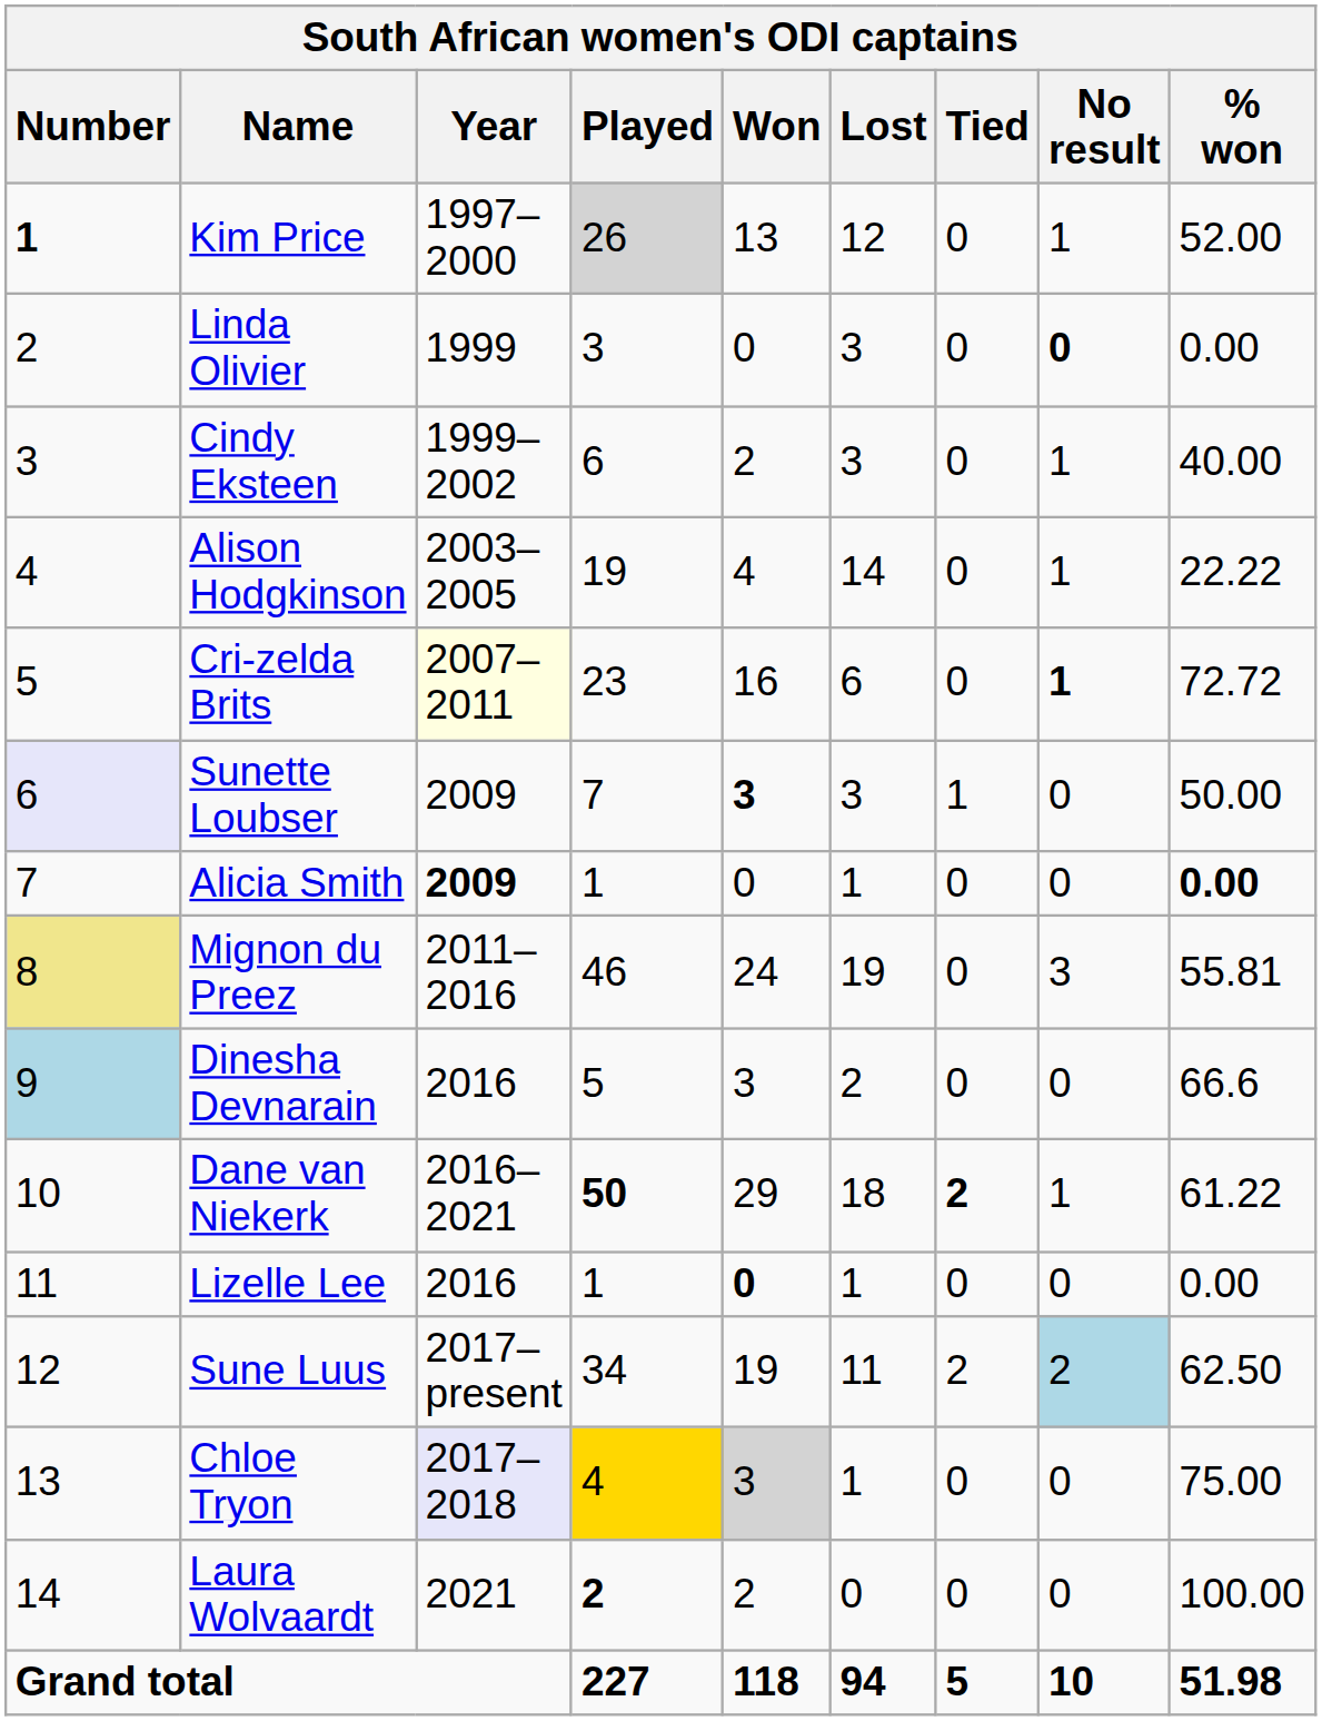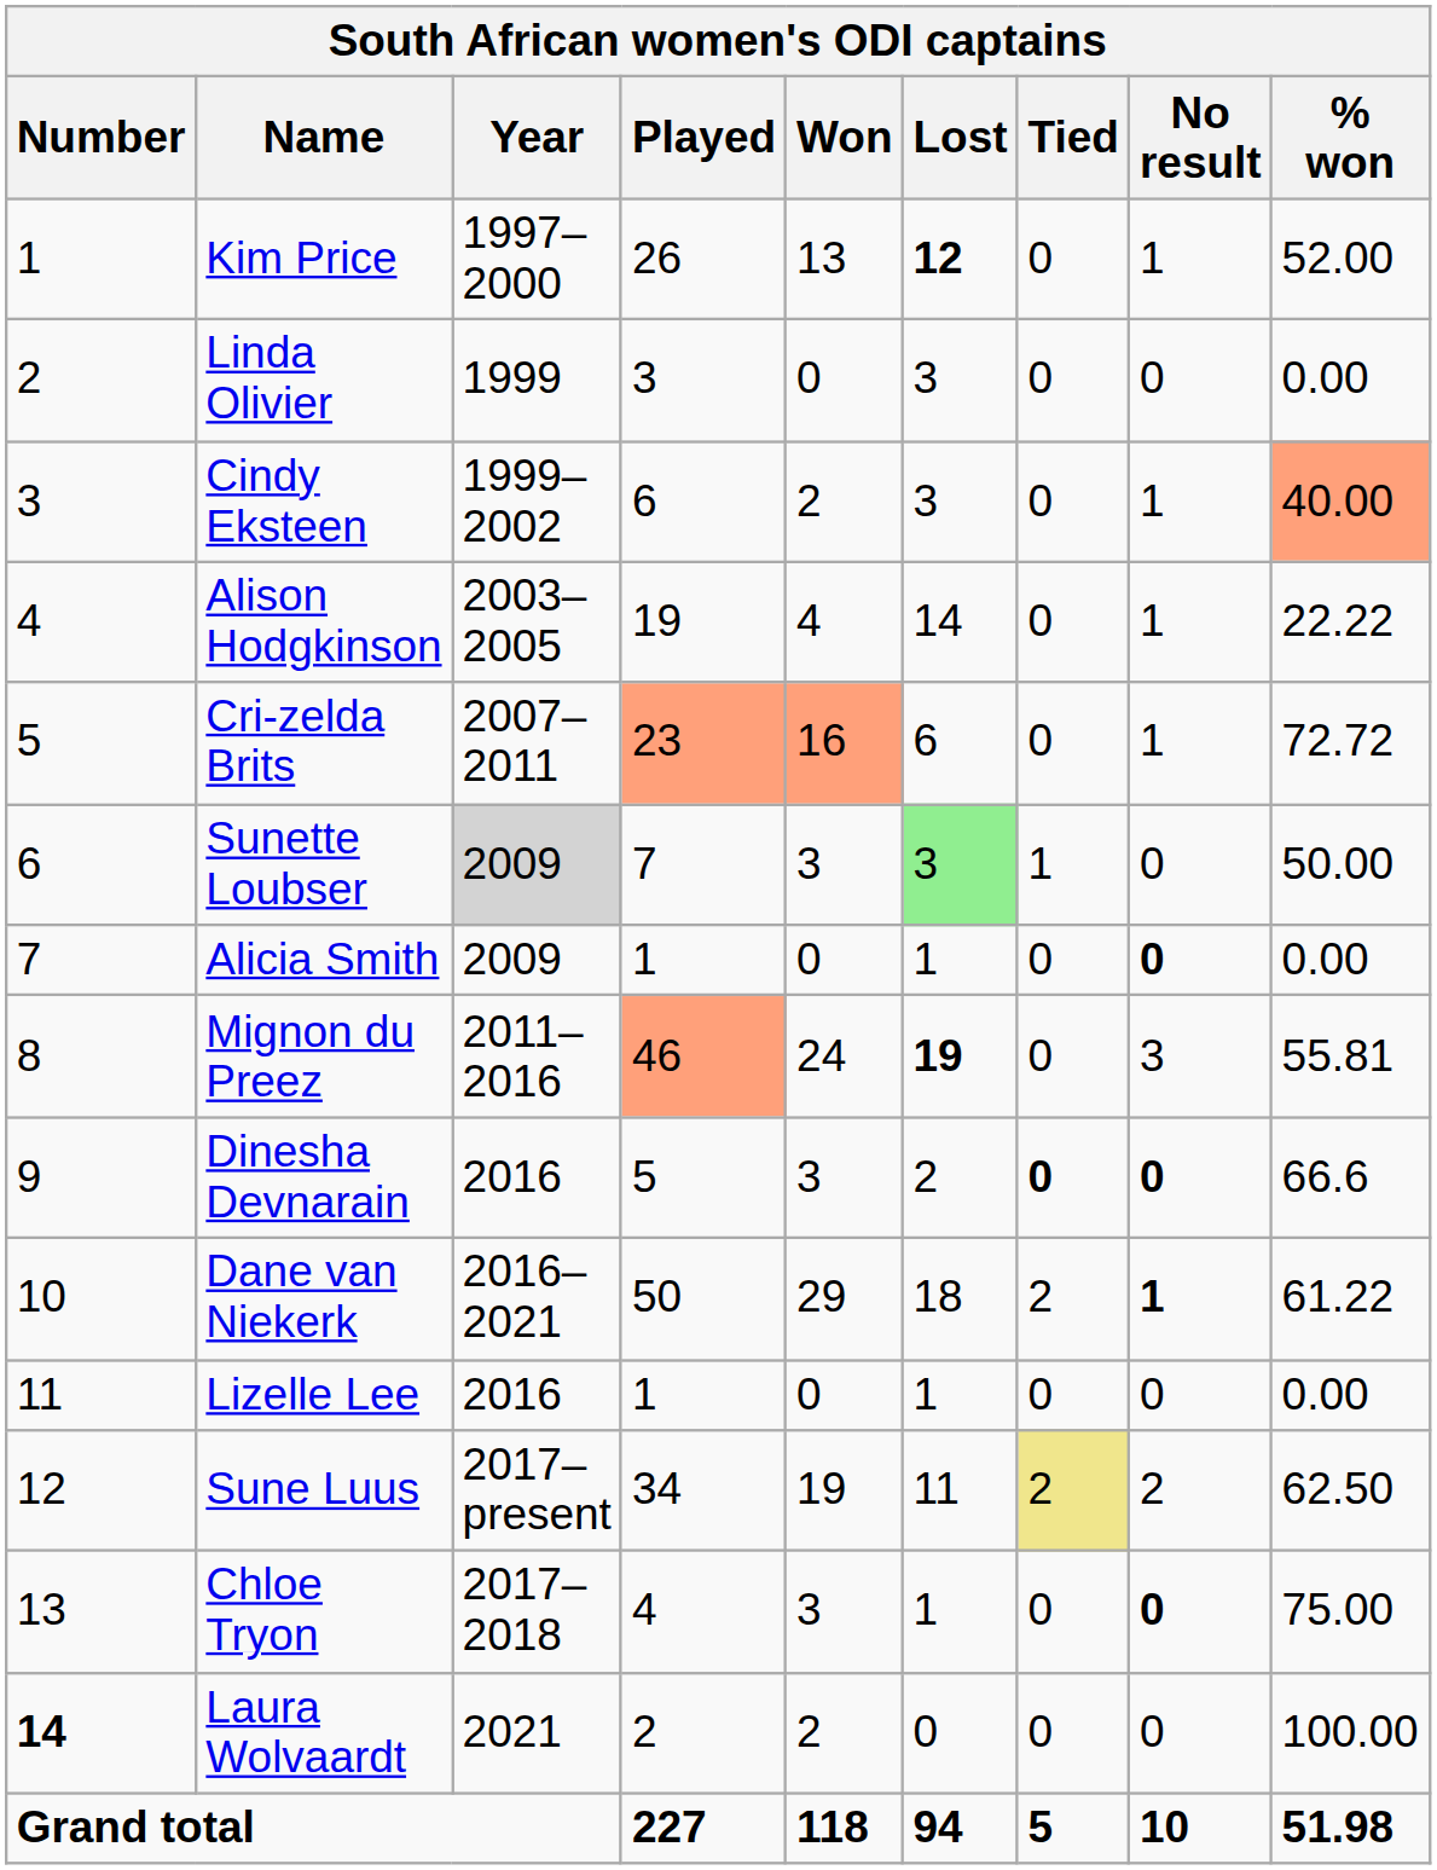 <table class="wikitable collapsible sortable" width="70%">
 <tr>
 <th bgcolor="#efefef" colspan=9>South African women's ODI captains</th>
 </tr>
 <tr bgcolor="#efefef">
 <th>Number</th>
 <th>Name</th>
 <th>Year</th>
 <th>Played</th>
 <th>Won</th>
 <th>Lost</th>
 <th>Tied</th>
 <th>No result</th>
 <th>% won</th>
 </tr>
 <tr>
-<td><strong>1</strong></td>
+<td>1</td>
 <td><a href='#'>Kim Price</a></td>
 <td>1997–2000</td>
-<td style="background: lightgrey;">26</td>
+<td>26</td>
 <td>13</td>
-<td>12</td>
+<td><strong>12</strong></td>
 <td>0</td>
 <td>1</td>
 <td>52.00</td>
 </tr>
 <tr>
 <td>2</td>
 <td><a href='#'>Linda Olivier</a></td>
 <td>1999</td>
 <td>3</td>
 <td>0</td>
 <td>3</td>
 <td>0</td>
-<td><strong>0</strong></td>
+<td>0</td>
 <td>0.00</td>
 </tr>
 <tr>
 <td>3</td>
 <td><a href='#'>Cindy Eksteen</a></td>
 <td>1999–2002</td>
 <td>6</td>
 <td>2</td>
 <td>3</td>
 <td>0</td>
 <td>1</td>
-<td>40.00</td>
+<td style="background: lightsalmon;">40.00</td>
 </tr>
 <tr>
 <td>4</td>
 <td><a href='#'>Alison Hodgkinson</a></td>
 <td>2003–2005</td>
 <td>19</td>
 <td>4</td>
 <td>14</td>
 <td>0</td>
 <td>1</td>
 <td>22.22</td>
 </tr>
 <tr>
 <td>5</td>
 <td><a href='#'>Cri-zelda Brits</a></td>
-<td style="background: lightyellow;">2007–2011</td>
-<td>23</td>
-<td>16</td>
+<td>2007–2011</td>
+<td style="background: lightsalmon;">23</td>
+<td style="background: lightsalmon;">16</td>
 <td>6</td>
 <td>0</td>
-<td><strong>1</strong></td>
+<td>1</td>
 <td>72.72</td>
 </tr>
 <tr>
-<td style="background: lavender;">6</td>
+<td>6</td>
 <td><a href='#'>Sunette Loubser</a></td>
-<td>2009</td>
+<td style="background: lightgrey;">2009</td>
 <td>7</td>
-<td><strong>3</strong></td>
 <td>3</td>
+<td style="background: lightgreen;">3</td>
 <td>1</td>
 <td>0</td>
 <td>50.00</td>
 </tr>
 <tr>
 <td>7</td>
 <td><a href='#'>Alicia Smith</a></td>
-<td><strong>2009</strong></td>
+<td>2009</td>
 <td>1</td>
 <td>0</td>
 <td>1</td>
 <td>0</td>
-<td>0</td>
-<td><strong>0.00</strong></td>
+<td><strong>0</strong></td>
+<td>0.00</td>
 </tr>
 <tr>
-<td style="background: khaki;">8</td>
+<td>8</td>
 <td><a href='#'>Mignon du Preez</a></td>
 <td>2011–2016</td>
-<td>46</td>
+<td style="background: lightsalmon;">46</td>
 <td>24</td>
-<td>19</td>
+<td><strong>19</strong></td>
 <td>0</td>
 <td>3</td>
 <td>55.81</td>
 </tr>
 <tr>
-<td style="background: lightblue;">9</td>
+<td>9</td>
 <td><a href='#'>Dinesha Devnarain</a></td>
 <td>2016</td>
 <td>5</td>
 <td>3</td>
 <td>2</td>
-<td>0</td>
-<td>0</td>
+<td><strong>0</strong></td>
+<td><strong>0</strong></td>
 <td>66.6</td>
 </tr>
 <tr>
 <td>10</td>
 <td><a href='#'>Dane van Niekerk</a></td>
 <td>2016–2021</td>
-<td><strong>50</strong></td>
+<td>50</td>
 <td>29</td>
 <td>18</td>
-<td><strong>2</strong></td>
-<td>1</td>
+<td>2</td>
+<td><strong>1</strong></td>
 <td>61.22</td>
 </tr>
 <tr>
 <td>11</td>
 <td><a href='#'>Lizelle Lee</a></td>
 <td>2016</td>
 <td>1</td>
-<td><strong>0</strong></td>
+<td>0</td>
 <td>1</td>
 <td>0</td>
 <td>0</td>
 <td>0.00</td>
 </tr>
 <tr>
 <td>12</td>
 <td><a href='#'>Sune Luus</a></td>
 <td>2017–present</td>
 <td>34</td>
 <td>19</td>
 <td>11</td>
+<td style="background: khaki;">2</td>
 <td>2</td>
-<td style="background: lightblue;">2</td>
 <td>62.50</td>
 </tr>
 <tr>
 <td>13</td>
 <td><a href='#'>Chloe Tryon</a></td>
-<td style="background: lavender;">2017–2018</td>
-<td style="background: gold;">4</td>
-<td style="background: lightgrey;">3</td>
+<td>2017–2018</td>
+<td>4</td>
+<td>3</td>
 <td>1</td>
 <td>0</td>
-<td>0</td>
+<td><strong>0</strong></td>
 <td>75.00</td>
 </tr>
 <tr>
-<td>14</td>
+<td><strong>14</strong></td>
 <td><a href='#'>Laura Wolvaardt</a></td>
 <td>2021</td>
-<td><strong>2</strong></td>
+<td>2</td>
 <td>2</td>
 <td>0</td>
 <td>0</td>
 <td>0</td>
 <td>100.00</td>
 </tr>
 <tr>
 <td colspan=3><strong>Grand total</strong></td>
 <td><strong>227</strong></td>
 <td><strong>118</strong></td>
 <td><strong>94</strong></td>
 <td><strong>5</strong></td>
 <td><strong>10</strong></td>
 <td><strong>51.98</strong></td>
 </tr>
 </table>
